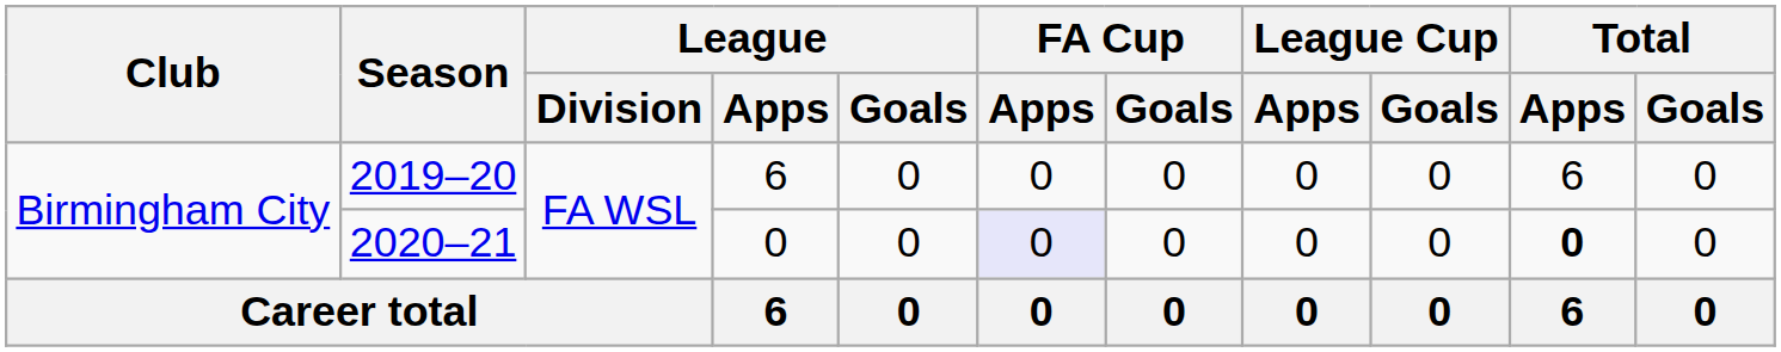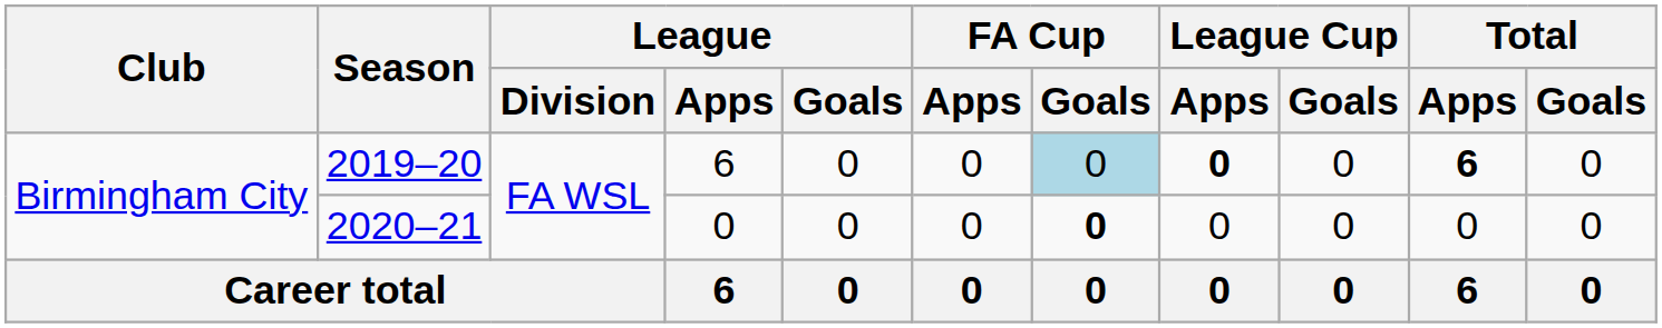 <table class="wikitable" style="text-align:center">
 <tr>
 <th rowspan="2">Club</th>
 <th rowspan="2">Season</th>
 <th colspan="3">League</th>
 <th colspan="2">FA Cup</th>
 <th colspan="2">League Cup</th>
 <th colspan="2">Total</th>
 </tr>
 <tr>
 <th>Division</th>
 <th>Apps</th>
 <th>Goals</th>
 <th>Apps</th>
 <th>Goals</th>
 <th>Apps</th>
 <th>Goals</th>
 <th>Apps</th>
 <th>Goals</th>
 </tr>
 <tr>
 <td rowspan="2"><a href='#'>Birmingham City</a></td>
 <td><a href='#'>2019–20</a></td>
 <td rowspan="2"><a href='#'>FA WSL</a></td>
 <td>6</td>
 <td>0</td>
 <td>0</td>
+<td style="background: lightblue;">0</td>
+<td><strong>0</strong></td>
 <td>0</td>
-<td>0</td>
-<td>0</td>
-<td>6</td>
+<td><strong>6</strong></td>
 <td>0</td>
 </tr>
 <tr>
 <td><a href='#'>2020–21</a></td>
 <td>0</td>
 <td>0</td>
-<td style="background: lavender;">0</td>
+<td>0</td>
+<td><strong>0</strong></td>
 <td>0</td>
 <td>0</td>
 <td>0</td>
-<td><strong>0</strong></td>
 <td>0</td>
 </tr>
 <tr>
 <th colspan="3">Career total</th>
 <th>6</th>
 <th>0</th>
 <th>0</th>
 <th>0</th>
 <th>0</th>
 <th>0</th>
 <th>6</th>
 <th>0</th>
 </tr>
 </table>
